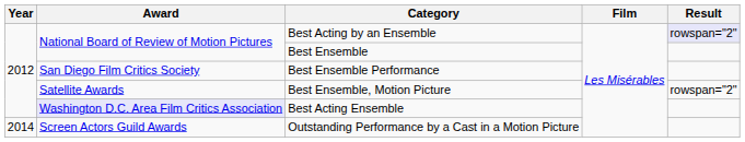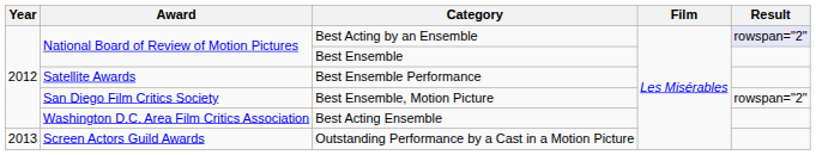 <table class="wikitable sortable">
 <tr>
 <th scope="col">Year</th>
 <th scope="col">Award</th>
 <th scope="col">Category</th>
 <th scope="col">Film</th>
 <th scope="col">Result</th>
 </tr>
 <tr>
 <td rowspan="5">2012</td>
 <td rowspan="2"><a href='#'>National Board of Review of Motion Pictures</a></td>
 <td>Best Acting by an Ensemble</td>
 <td rowspan="6"><em><a href='#'>Les Misérables</a></em></td>
 <td style="background: lavender;">rowspan="2" </td>
 </tr>
 <tr>
 <td>Best Ensemble</td>
 </tr>
 <tr>
-<td><a href='#'>San Diego Film Critics Society</a></td>
+<td><a href='#'>Satellite Awards</a></td>
 <td>Best Ensemble Performance</td>
 <td></td>
 </tr>
 <tr>
-<td><a href='#'>Satellite Awards</a></td>
+<td><a href='#'>San Diego Film Critics Society</a></td>
 <td>Best Ensemble, Motion Picture</td>
 <td>rowspan="2" </td>
 </tr>
 <tr>
-<td style="background: lavender;"><a href='#'>Washington D.C. Area Film Critics Association</a></td>
+<td><a href='#'>Washington D.C. Area Film Critics Association</a></td>
 <td>Best Acting Ensemble</td>
 </tr>
 <tr>
-<td>2014</td>
+<td>2013</td>
 <td><a href='#'>Screen Actors Guild Awards</a></td>
 <td>Outstanding Performance by a Cast in a Motion Picture</td>
 <td></td>
 </tr>
 </table>
